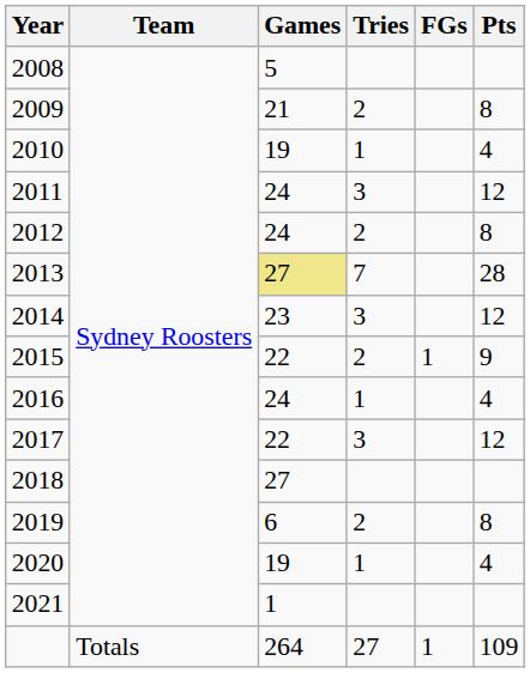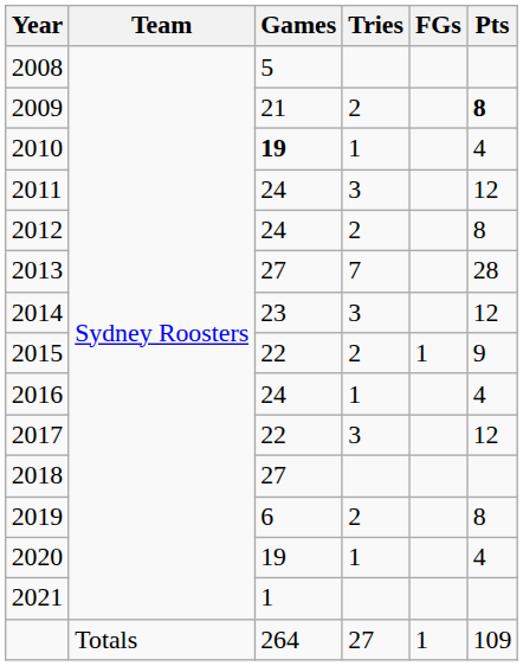 <table class="wikitable">
 <tr>
 <th>Year</th>
 <th>Team</th>
 <th>Games</th>
 <th>Tries</th>
 <th>FGs</th>
 <th>Pts</th>
 </tr>
 <tr>
 <td>2008</td>
 <td rowspan="14"> <a href='#'>Sydney Roosters</a></td>
 <td>5</td>
 <td></td>
 <td></td>
 <td></td>
 </tr>
 <tr>
 <td>2009</td>
 <td>21</td>
 <td>2</td>
 <td></td>
-<td>8</td>
+<td><strong>8</strong></td>
 </tr>
 <tr>
 <td>2010</td>
-<td>19</td>
+<td><strong>19</strong></td>
 <td>1</td>
 <td></td>
 <td>4</td>
 </tr>
 <tr>
 <td>2011</td>
 <td>24</td>
 <td>3</td>
 <td></td>
 <td>12</td>
 </tr>
 <tr>
 <td>2012</td>
 <td>24</td>
 <td>2</td>
 <td></td>
 <td>8</td>
 </tr>
 <tr>
 <td>2013</td>
-<td style="background: khaki;">27</td>
+<td>27</td>
 <td>7</td>
 <td></td>
 <td>28</td>
 </tr>
 <tr>
 <td>2014</td>
 <td>23</td>
 <td>3</td>
 <td></td>
 <td>12</td>
 </tr>
 <tr>
 <td>2015</td>
 <td>22</td>
 <td>2</td>
 <td>1</td>
 <td>9</td>
 </tr>
 <tr>
 <td>2016</td>
 <td>24</td>
 <td>1</td>
 <td></td>
 <td>4</td>
 </tr>
 <tr>
 <td>2017</td>
 <td>22</td>
 <td>3</td>
 <td></td>
 <td>12</td>
 </tr>
 <tr>
 <td>2018</td>
 <td>27</td>
 <td></td>
 <td></td>
 <td></td>
 </tr>
 <tr>
 <td>2019</td>
 <td>6</td>
 <td>2</td>
 <td></td>
 <td>8</td>
 </tr>
 <tr>
 <td>2020</td>
 <td>19</td>
 <td>1</td>
 <td></td>
 <td>4</td>
 </tr>
 <tr>
 <td>2021</td>
 <td>1</td>
 <td></td>
 <td></td>
 <td></td>
 </tr>
 <tr>
 <td></td>
 <td>Totals</td>
 <td>264</td>
 <td>27</td>
 <td>1</td>
 <td>109</td>
 </tr>
 </table>
